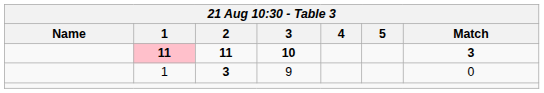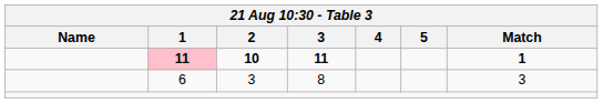 <table class=wikitable style="text-align:center; width: 55%">
 <tr>
 <th colspan=17><em>21 Aug 10:30 - Table 3</em></th>
 </tr>
 <tr>
 <th>Name</th>
 <th>1</th>
 <th>2</th>
 <th>3</th>
 <th>4</th>
 <th>5</th>
 <th>Match</th>
 </tr>
 <tr>
 <td style="text-align:left;"><strong></strong></td>
 <td style="background: pink;"><strong>11</strong></td>
+<td><strong>10</strong></td>
 <td><strong>11</strong></td>
-<td><strong>10</strong></td>
 <td></td>
 <td></td>
-<td><strong>3</strong></td>
+<td><strong>1</strong></td>
 </tr>
 <tr>
 <td style="text-align:left;"></td>
-<td>1</td>
-<td><strong>3</strong></td>
-<td>9</td>
+<td>6</td>
+<td>3</td>
+<td>8</td>
 <td></td>
 <td></td>
-<td>0</td>
+<td>3</td>
 </tr>
 <tr>
 <td colspan=17></td>
 </tr>
 </table>
